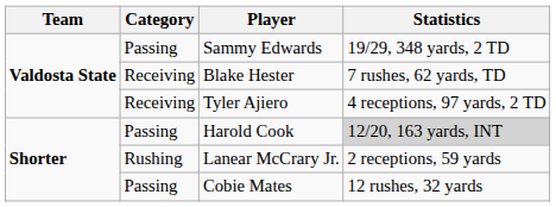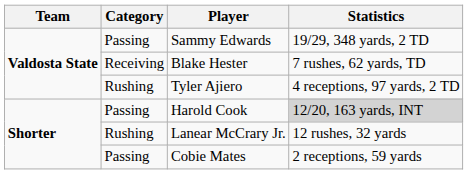 <table class="wikitable" style="float: left;">
 <tr>
 <th>Team</th>
 <th>Category</th>
 <th>Player</th>
 <th>Statistics</th>
 </tr>
 <tr>
 <td rowspan=3><strong>Valdosta State</strong></td>
 <td>Passing</td>
 <td>Sammy Edwards</td>
 <td>19/29, 348 yards, 2 TD</td>
 </tr>
 <tr>
 <td>Receiving</td>
 <td>Blake Hester</td>
 <td>7 rushes, 62 yards, TD</td>
 </tr>
 <tr>
-<td>Receiving</td>
+<td>Rushing</td>
 <td>Tyler Ajiero</td>
 <td>4 receptions, 97 yards, 2 TD</td>
 </tr>
 <tr>
 <td rowspan=3><strong>Shorter</strong></td>
 <td>Passing</td>
 <td>Harold Cook</td>
 <td style="background: lightgrey;">12/20, 163 yards, INT</td>
 </tr>
 <tr>
 <td>Rushing</td>
 <td>Lanear McCrary Jr.</td>
-<td>2 receptions, 59 yards</td>
+<td>12 rushes, 32 yards</td>
 </tr>
 <tr>
 <td>Passing</td>
 <td>Cobie Mates</td>
-<td>12 rushes, 32 yards</td>
+<td>2 receptions, 59 yards</td>
 </tr>
 </table>
